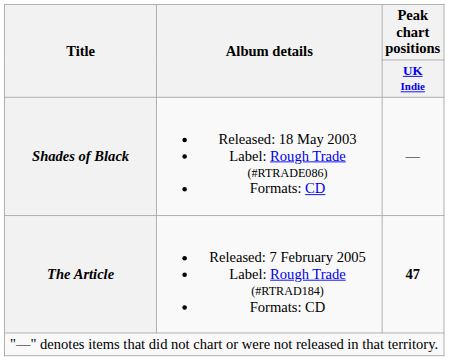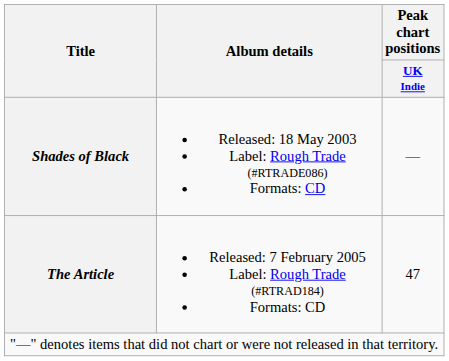 <table class="wikitable plainrowheaders" style="text-align:center;">
 <tr>
 <th scope="col" rowspan="2" style="width:10em;">Title</th>
 <th scope="col" rowspan="2" style="width:15em;">Album details</th>
 <th scope="col" colspan="1">Peak chart positions</th>
 </tr>
 <tr>
 <th style="width:2em;font-size:90%;"><a href='#'>UK<br><small>Indie</small></a><br></th>
 </tr>
 <tr>
 <th scope="row"><em>Shades of Black</em></th>
 <td><br><ul><li>Released: 18 May 2003</li><li>Label: <a href='#'>Rough Trade</a> <small>(#RTRADE086)</small></li><li>Formats: <a href='#'>CD</a></li></ul></td>
 <td>—</td>
 </tr>
 <tr>
 <th scope="row"><em>The Article</em></th>
 <td><br><ul><li>Released: 7 February 2005</li><li>Label: <a href='#'>Rough Trade</a> <small>(#RTRAD184)</small></li><li>Formats: CD</li></ul></td>
-<td><strong>47</strong></td>
+<td>47</td>
 </tr>
 <tr>
 <td style="text-align:center;" colspan="15" style="font-size:90%">"—" denotes items that did not chart or were not released in that territory.</td>
 </tr>
 </table>
